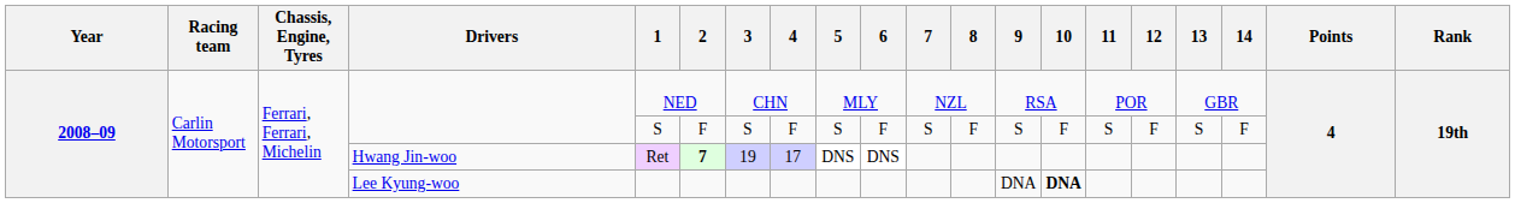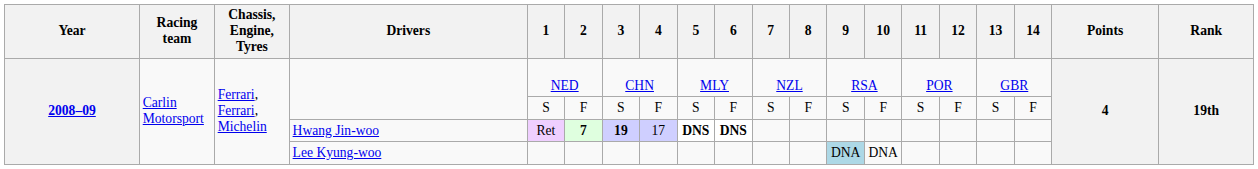 <table class="wikitable" style="text-align:center; font-size: 85%">
 <tr>
 <th>Year</th>
 <th width="6%">Racing<br>team</th>
 <th width="6%">Chassis,<br>Engine,<br>Tyres</th>
 <th>Drivers</th>
 <th width="3%">1</th>
 <th width="3%">2</th>
 <th width="3%">3</th>
 <th width="3%">4</th>
 <th width="3%">5</th>
 <th width="3%">6</th>
 <th width="3%">7</th>
 <th width="3%">8</th>
 <th width="3%">9</th>
 <th width="3%">10</th>
 <th width="3%">11</th>
 <th width="3%">12</th>
 <th width="3%">13</th>
 <th width="3%">14</th>
 <th>Points</th>
 <th>Rank</th>
 </tr>
 <tr>
 <th rowspan=4 align=left><a href='#'>2008–09</a></th>
 <td rowspan=4 align=left><a href='#'>Carlin Motorsport</a></td>
 <td rowspan=4 align=left><a href='#'>Ferrari</a>,<br><a href='#'>Ferrari</a>,<br><a href='#'>Michelin</a></td>
 <td rowspan=2></td>
 <td colspan=2><br><a href='#'>NED</a></td>
 <td colspan=2><br><a href='#'>CHN</a></td>
 <td colspan=2><br><a href='#'>MLY</a></td>
 <td colspan=2><br><a href='#'>NZL</a></td>
 <td colspan=2><br><a href='#'>RSA</a></td>
 <td colspan=2><br><a href='#'>POR</a></td>
 <td colspan=2><br><a href='#'>GBR</a></td>
 <th rowspan=4>4</th>
 <th rowspan=4>19th</th>
 </tr>
 <tr>
 <td>S</td>
 <td>F</td>
 <td>S</td>
 <td>F</td>
 <td>S</td>
 <td>F</td>
 <td>S</td>
 <td>F</td>
 <td>S</td>
 <td>F</td>
 <td>S</td>
 <td>F</td>
 <td>S</td>
 <td>F</td>
 </tr>
 <tr>
 <td align=left><a href='#'>Hwang Jin-woo</a></td>
 <td style="background:#EFCFFF;">Ret</td>
 <td style="background:#DFFFDF;"><strong>7</strong></td>
-<td style="background:#CFCFFF;">19</td>
+<td style="background:#CFCFFF;"><strong>19</strong></td>
 <td style="background:#CFCFFF;">17</td>
-<td style="background:#FFFFFF;">DNS</td>
-<td style="background:#FFFFFF;">DNS</td>
+<td style="background:#FFFFFF;"><strong>DNS</strong></td>
+<td style="background:#FFFFFF;"><strong>DNS</strong></td>
 <td></td>
 <td></td>
 <td></td>
 <td></td>
 <td></td>
 <td></td>
 <td></td>
 <td></td>
 </tr>
 <tr>
 <td align=left><a href='#'>Lee Kyung-woo</a></td>
 <td></td>
 <td></td>
 <td></td>
 <td></td>
 <td></td>
 <td></td>
 <td></td>
 <td></td>
+<td style="background: lightblue;">DNA</td>
 <td>DNA</td>
-<td><strong>DNA</strong></td>
 <td></td>
 <td></td>
 <td></td>
 <td></td>
 </tr>
 </table>
